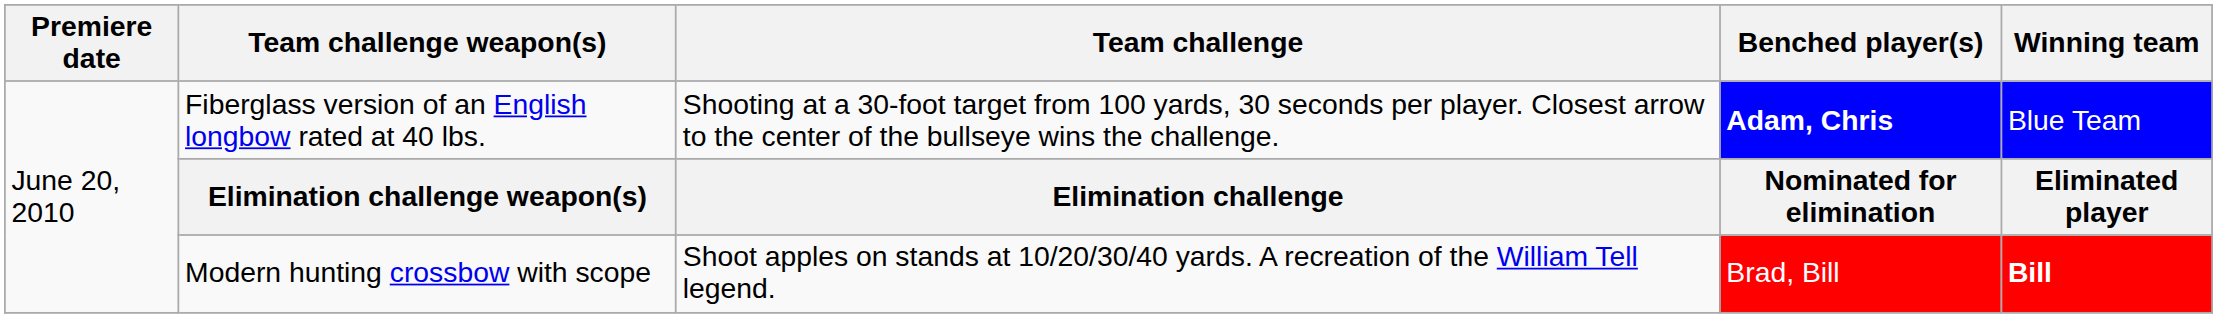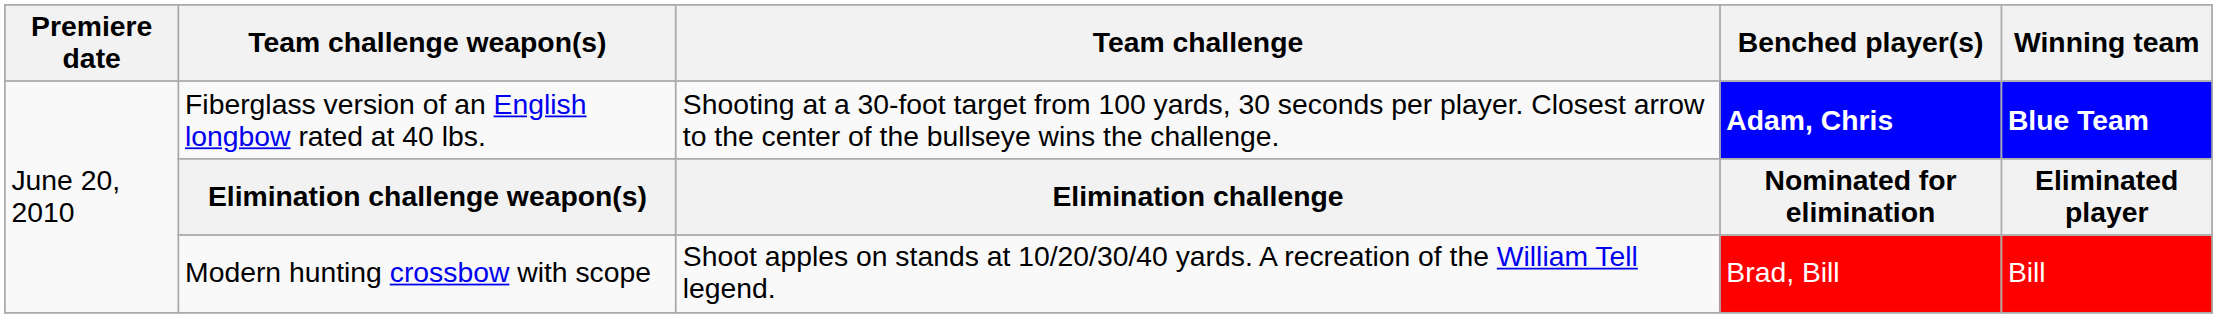 <table class="wikitable">
 <tr>
 <th>Premiere date</th>
 <th>Team challenge weapon(s)</th>
 <th>Team challenge</th>
 <th>Benched player(s)</th>
 <th>Winning team</th>
 </tr>
 <tr>
 <td rowspan="3">June 20, 2010</td>
 <td>Fiberglass version of an <a href='#'>English longbow</a> rated at 40 lbs.</td>
 <td>Shooting at a 30-foot target from 100 yards, 30 seconds per player. Closest arrow to the center of the bullseye wins the challenge.</td>
 <td style="background:blue; color:white;"><strong>Adam, Chris</strong></td>
-<td style="background:blue; color:white;">Blue Team</td>
+<td style="background:blue; color:white;"><strong>Blue Team</strong></td>
 </tr>
 <tr>
 <th>Elimination challenge weapon(s)</th>
 <th>Elimination challenge</th>
 <th>Nominated for elimination</th>
 <th>Eliminated player</th>
 </tr>
 <tr>
 <td>Modern hunting <a href='#'>crossbow</a> with scope</td>
 <td>Shoot apples on stands at 10/20/30/40 yards. A recreation of the <a href='#'>William Tell</a> legend.</td>
 <td style="background:red; color:white;">Brad, Bill</td>
-<td style="background:red; color:white;"><strong>Bill</strong></td>
+<td style="background:red; color:white;">Bill</td>
 </tr>
 </table>
